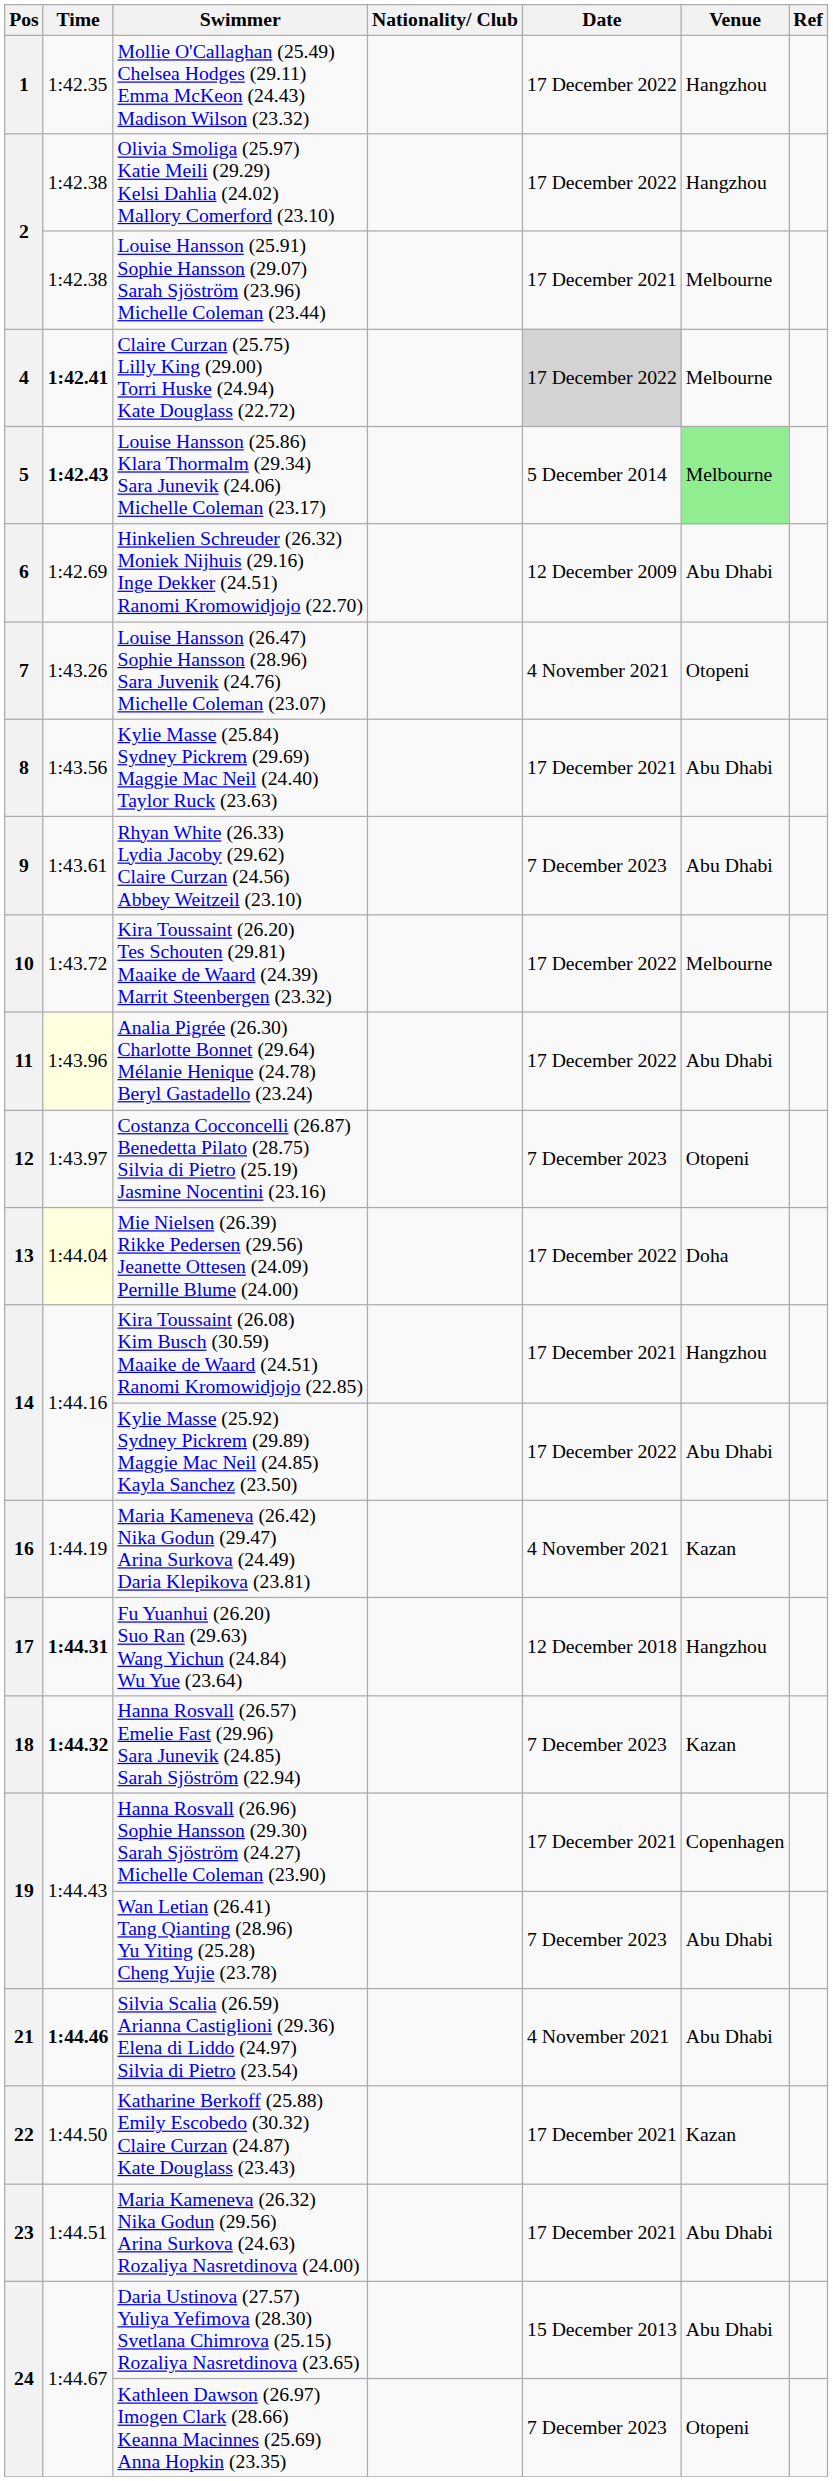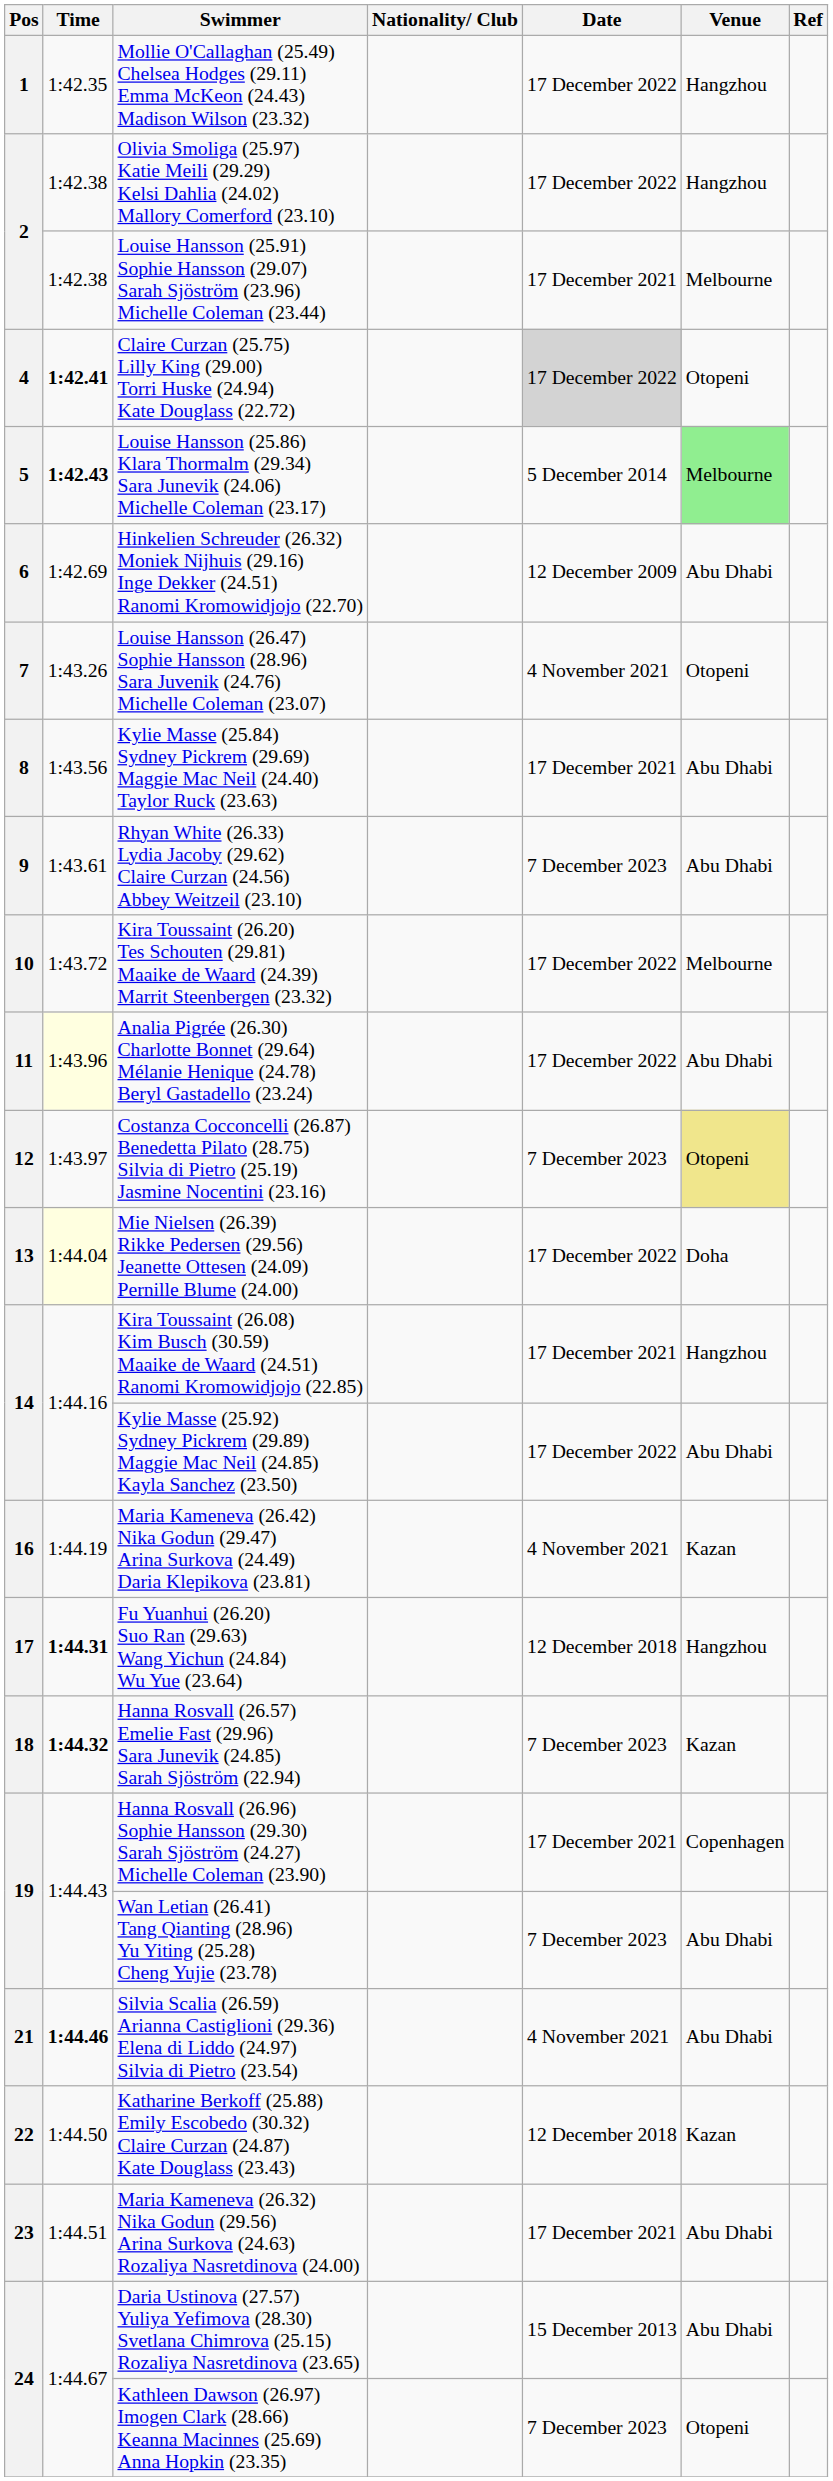 <table class="wikitable">
 <tr>
 <th>Pos</th>
 <th>Time</th>
 <th>Swimmer</th>
 <th>Nationality/ Club</th>
 <th>Date</th>
 <th>Venue</th>
 <th>Ref</th>
 </tr>
 <tr>
 <th>1</th>
 <td>1:42.35</td>
 <td><a href='#'>Mollie O'Callaghan</a> (25.49)<br><a href='#'>Chelsea Hodges</a> (29.11)<br><a href='#'>Emma McKeon</a> (24.43)<br><a href='#'>Madison Wilson</a> (23.32)</td>
 <td></td>
 <td>17 December 2022</td>
 <td>Hangzhou</td>
 <td></td>
 </tr>
 <tr>
 <th rowspan=2>2</th>
 <td>1:42.38</td>
 <td><a href='#'>Olivia Smoliga</a> (25.97)<br><a href='#'>Katie Meili</a> (29.29)<br><a href='#'>Kelsi Dahlia</a> (24.02)<br><a href='#'>Mallory Comerford</a> (23.10)</td>
 <td></td>
 <td>17 December 2022</td>
 <td>Hangzhou</td>
 </tr>
 <tr>
 <td>1:42.38</td>
 <td><a href='#'>Louise Hansson</a> (25.91)<br><a href='#'>Sophie Hansson</a> (29.07)<br><a href='#'>Sarah Sjöström</a> (23.96)<br><a href='#'>Michelle Coleman</a> (23.44)</td>
 <td></td>
 <td>17 December 2021</td>
 <td>Melbourne</td>
 <td></td>
 </tr>
 <tr>
 <th>4</th>
 <td><strong>1:42.41</strong></td>
 <td><a href='#'>Claire Curzan</a> (25.75)<br><a href='#'>Lilly King</a> (29.00)<br><a href='#'>Torri Huske</a> (24.94)<br><a href='#'>Kate Douglass</a> (22.72)</td>
 <td></td>
 <td style="background: lightgrey;">17 December 2022</td>
-<td>Melbourne</td>
+<td>Otopeni</td>
 <td></td>
 </tr>
 <tr>
 <th>5</th>
 <td><strong>1:42.43</strong></td>
 <td><a href='#'>Louise Hansson</a> (25.86)<br><a href='#'>Klara Thormalm</a> (29.34)<br><a href='#'>Sara Junevik</a> (24.06)<br><a href='#'>Michelle Coleman</a> (23.17)</td>
 <td></td>
 <td>5 December 2014</td>
 <td style="background: lightgreen;">Melbourne</td>
 <td></td>
 </tr>
 <tr>
 <th>6</th>
 <td>1:42.69</td>
 <td><a href='#'>Hinkelien Schreuder</a> (26.32)<br><a href='#'>Moniek Nijhuis</a> (29.16)<br><a href='#'>Inge Dekker</a> (24.51)<br><a href='#'>Ranomi Kromowidjojo</a> (22.70)</td>
 <td></td>
 <td>12 December 2009</td>
 <td>Abu Dhabi</td>
 </tr>
 <tr>
 <th>7</th>
 <td>1:43.26</td>
 <td><a href='#'>Louise Hansson</a> (26.47)<br><a href='#'>Sophie Hansson</a> (28.96)<br><a href='#'>Sara Juvenik</a> (24.76)<br><a href='#'>Michelle Coleman</a> (23.07)</td>
 <td></td>
 <td>4 November 2021</td>
 <td>Otopeni</td>
 <td></td>
 </tr>
 <tr>
 <th>8</th>
 <td>1:43.56</td>
 <td><a href='#'>Kylie Masse</a> (25.84)<br><a href='#'>Sydney Pickrem</a> (29.69)<br><a href='#'>Maggie Mac Neil</a> (24.40)<br><a href='#'>Taylor Ruck</a> (23.63)</td>
 <td></td>
 <td>17 December 2021</td>
 <td>Abu Dhabi</td>
 <td></td>
 </tr>
 <tr>
 <th>9</th>
 <td>1:43.61</td>
 <td><a href='#'>Rhyan White</a> (26.33)<br><a href='#'>Lydia Jacoby</a> (29.62)<br><a href='#'>Claire Curzan</a> (24.56)<br><a href='#'>Abbey Weitzeil</a> (23.10)</td>
 <td></td>
 <td>7 December 2023</td>
 <td>Abu Dhabi</td>
 <td></td>
 </tr>
 <tr>
 <th>10</th>
 <td>1:43.72</td>
 <td><a href='#'>Kira Toussaint</a> (26.20)<br><a href='#'>Tes Schouten</a> (29.81)<br><a href='#'>Maaike de Waard</a> (24.39)<br><a href='#'>Marrit Steenbergen</a> (23.32)</td>
 <td></td>
 <td>17 December 2022</td>
 <td>Melbourne</td>
 <td></td>
 </tr>
 <tr>
 <th>11</th>
 <td style="background: lightyellow;">1:43.96</td>
 <td><a href='#'>Analia Pigrée</a> (26.30)<br><a href='#'>Charlotte Bonnet</a> (29.64)<br><a href='#'>Mélanie Henique</a> (24.78)<br><a href='#'>Beryl Gastadello</a> (23.24)</td>
 <td></td>
 <td>17 December 2022</td>
 <td>Abu Dhabi</td>
 <td></td>
 </tr>
 <tr>
 <th>12</th>
 <td>1:43.97</td>
 <td><a href='#'>Costanza Cocconcelli</a> (26.87)<br><a href='#'>Benedetta Pilato</a> (28.75)<br><a href='#'>Silvia di Pietro</a> (25.19)<br><a href='#'>Jasmine Nocentini</a> (23.16)</td>
 <td></td>
 <td>7 December 2023</td>
-<td>Otopeni</td>
+<td style="background: khaki;">Otopeni</td>
 <td></td>
 </tr>
 <tr>
 <th>13</th>
 <td style="background: lightyellow;">1:44.04</td>
 <td><a href='#'>Mie Nielsen</a> (26.39)<br><a href='#'>Rikke Pedersen</a> (29.56)<br><a href='#'>Jeanette Ottesen</a> (24.09)<br><a href='#'>Pernille Blume</a> (24.00)</td>
 <td></td>
 <td>17 December 2022</td>
 <td>Doha</td>
 </tr>
 <tr>
 <th rowspan=2>14</th>
 <td rowspan=2>1:44.16</td>
 <td><a href='#'>Kira Toussaint</a> (26.08)<br><a href='#'>Kim Busch</a> (30.59)<br><a href='#'>Maaike de Waard</a> (24.51)<br><a href='#'>Ranomi Kromowidjojo</a> (22.85)</td>
 <td></td>
 <td>17 December 2021</td>
 <td>Hangzhou</td>
 <td></td>
 </tr>
 <tr>
 <td><a href='#'>Kylie Masse</a> (25.92)<br><a href='#'>Sydney Pickrem</a> (29.89)<br><a href='#'>Maggie Mac Neil</a> (24.85)<br><a href='#'>Kayla Sanchez</a> (23.50)</td>
 <td></td>
 <td>17 December 2022</td>
 <td>Abu Dhabi</td>
 <td></td>
 </tr>
 <tr>
 <th>16</th>
 <td>1:44.19</td>
 <td><a href='#'>Maria Kameneva</a> (26.42)<br><a href='#'>Nika Godun</a> (29.47)<br><a href='#'>Arina Surkova</a> (24.49)<br><a href='#'>Daria Klepikova</a> (23.81)</td>
 <td></td>
 <td>4 November 2021</td>
 <td>Kazan</td>
 <td></td>
 </tr>
 <tr>
 <th>17</th>
 <td><strong>1:44.31</strong></td>
 <td><a href='#'>Fu Yuanhui</a> (26.20)<br><a href='#'>Suo Ran</a> (29.63)<br><a href='#'>Wang Yichun</a> (24.84)<br><a href='#'>Wu Yue</a> (23.64)</td>
 <td></td>
 <td>12 December 2018</td>
 <td>Hangzhou</td>
 </tr>
 <tr>
 <th>18</th>
 <td><strong>1:44.32</strong></td>
 <td><a href='#'>Hanna Rosvall</a> (26.57)<br><a href='#'>Emelie Fast</a> (29.96)<br><a href='#'>Sara Junevik</a> (24.85)<br><a href='#'>Sarah Sjöström</a> (22.94)</td>
 <td></td>
 <td>7 December 2023</td>
 <td>Kazan</td>
 <td></td>
 </tr>
 <tr>
 <th rowspan=2>19</th>
 <td rowspan=2>1:44.43</td>
 <td><a href='#'>Hanna Rosvall</a> (26.96)<br><a href='#'>Sophie Hansson</a> (29.30)<br><a href='#'>Sarah Sjöström</a> (24.27)<br><a href='#'>Michelle Coleman</a> (23.90)</td>
 <td></td>
 <td>17 December 2021</td>
 <td>Copenhagen</td>
 </tr>
 <tr>
 <td><a href='#'>Wan Letian</a> (26.41)<br><a href='#'>Tang Qianting</a> (28.96)<br><a href='#'>Yu Yiting</a> (25.28)<br><a href='#'>Cheng Yujie</a> (23.78)</td>
 <td></td>
 <td>7 December 2023</td>
 <td>Abu Dhabi</td>
 <td></td>
 </tr>
 <tr>
 <th>21</th>
 <td><strong>1:44.46</strong></td>
 <td><a href='#'>Silvia Scalia</a> (26.59)<br><a href='#'>Arianna Castiglioni</a> (29.36)<br><a href='#'>Elena di Liddo</a> (24.97)<br><a href='#'>Silvia di Pietro</a> (23.54)</td>
 <td></td>
 <td>4 November 2021</td>
 <td>Abu Dhabi</td>
 <td></td>
 </tr>
 <tr>
 <th>22</th>
 <td>1:44.50</td>
 <td><a href='#'>Katharine Berkoff</a> (25.88)<br><a href='#'>Emily Escobedo</a> (30.32)<br><a href='#'>Claire Curzan</a> (24.87)<br><a href='#'>Kate Douglass</a> (23.43)</td>
 <td></td>
-<td>17 December 2021</td>
+<td>12 December 2018</td>
 <td>Kazan</td>
 <td></td>
 </tr>
 <tr>
 <th>23</th>
 <td>1:44.51</td>
 <td><a href='#'>Maria Kameneva</a> (26.32)<br><a href='#'>Nika Godun</a> (29.56)<br><a href='#'>Arina Surkova</a> (24.63)<br><a href='#'>Rozaliya Nasretdinova</a> (24.00)</td>
 <td></td>
 <td>17 December 2021</td>
 <td>Abu Dhabi</td>
 <td></td>
 </tr>
 <tr>
 <th rowspan=2>24</th>
 <td rowspan=2>1:44.67</td>
 <td><a href='#'>Daria Ustinova</a> (27.57)<br><a href='#'>Yuliya Yefimova</a> (28.30)<br><a href='#'>Svetlana Chimrova</a> (25.15)<br><a href='#'>Rozaliya Nasretdinova</a> (23.65)</td>
 <td></td>
 <td>15 December 2013</td>
 <td>Abu Dhabi</td>
 <td></td>
 </tr>
 <tr>
 <td><a href='#'>Kathleen Dawson</a> (26.97)<br><a href='#'>Imogen Clark</a> (28.66)<br><a href='#'>Keanna Macinnes</a> (25.69)<br><a href='#'>Anna Hopkin</a> (23.35)</td>
 <td></td>
 <td>7 December 2023</td>
 <td>Otopeni</td>
 <td></td>
 </tr>
 </table>
